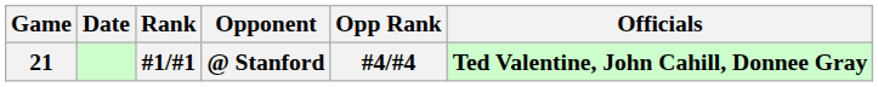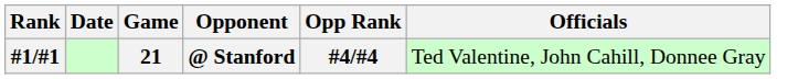 <table class="wikitable">
 <tr>
+<th>Rank</th>
+<th>Date</th>
 <th>Game</th>
-<th>Date</th>
-<th>Rank</th>
 <th>Opponent</th>
 <th>Opp Rank</th>
 <th>Officials</th>
 </tr>
 <tr align="center" bgcolor="#ccffcc">
+<th>#1/#1</th>
+<td></td>
 <th>21</th>
-<td></td>
-<th>#1/#1</th>
 <th>@ Stanford</th>
 <th>#4/#4</th>
-<td><strong>Ted Valentine, John Cahill, Donnee Gray</strong></td>
+<td>Ted Valentine, John Cahill, Donnee Gray</td>
 </tr>
 </table>
